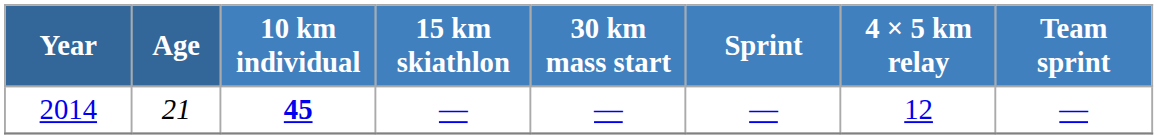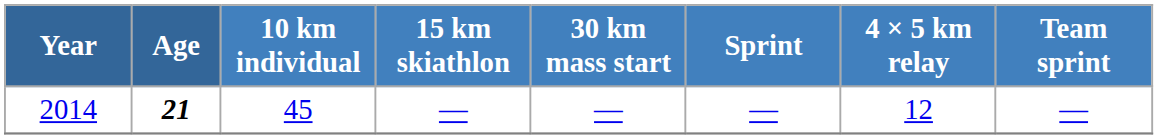 <table class="wikitable" style="font-size:95%; text-align:center; border:grey solid 1px; border-collapse:collapse; background:#ffffff;">
 <tr>
 <th style="background-color:#369; color:white; width:60px;"> Year </th>
 <th style="background-color:#369; color:white; width:40px;"> Age </th>
 <th style="background-color:#4180be; color:white; width:75px;"> 10 km <br>individual</th>
 <th style="background-color:#4180be; color:white; width:75px;"> 15 km <br> skiathlon </th>
 <th style="background-color:#4180be; color:white; width:75px;"> 30 km <br>mass start</th>
 <th style="background-color:#4180be; color:white; width:75px;"> Sprint </th>
 <th style="background-color:#4180be; color:white; width:75px;"> 4 × 5 km <br> relay </th>
 <th style="background-color:#4180be; color:white; width:75px;"> Team <br> sprint </th>
 </tr>
 <tr>
 <td><a href='#'>2014</a></td>
-<td><em>21</em></td>
-<td><strong><a href='#'>45</a></strong></td>
+<td><strong><em>21</em></strong></td>
+<td><a href='#'>45</a></td>
 <td><a href='#'>—</a></td>
 <td><a href='#'>—</a></td>
 <td><a href='#'>—</a></td>
 <td><a href='#'>12</a></td>
 <td><a href='#'>—</a></td>
 </tr>
 <tr>
 </tr>
 </table>
